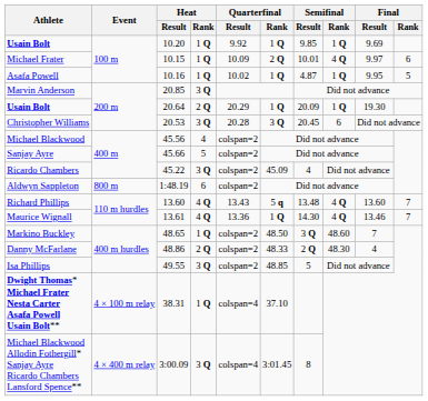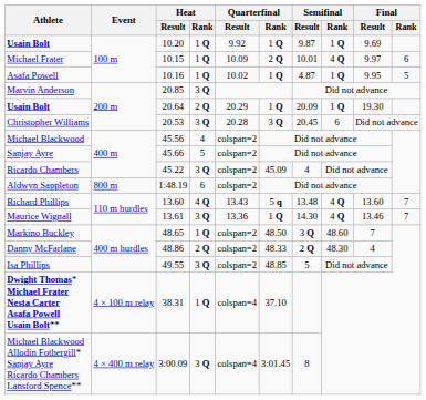 <table class=wikitable style="text-align:center; font-size:90%">
 <tr>
 <th rowspan="2">Athlete</th>
 <th rowspan="2">Event</th>
 <th colspan="2">Heat</th>
 <th colspan="2">Quarterfinal</th>
 <th colspan="2">Semifinal</th>
 <th colspan="2">Final</th>
 </tr>
 <tr style="font-size:95%">
 <th>Result</th>
 <th>Rank</th>
 <th>Result</th>
 <th>Rank</th>
 <th>Result</th>
 <th>Rank</th>
 <th>Result</th>
 <th>Rank</th>
 </tr>
 <tr align=center>
 <td align=left><strong><a href='#'>Usain Bolt</a></strong></td>
 <td align=left rowspan=3><a href='#'>100 m</a></td>
 <td>10.20</td>
 <td>1 <strong>Q</strong></td>
 <td>9.92</td>
 <td>1 <strong>Q</strong></td>
-<td>9.85</td>
+<td>9.87</td>
 <td>1 <strong>Q</strong></td>
 <td>9.69 </td>
 <td></td>
 </tr>
 <tr align=center>
 <td align=left><a href='#'>Michael Frater</a></td>
 <td>10.15</td>
 <td>1 <strong>Q</strong></td>
 <td>10.09</td>
 <td>2 <strong>Q</strong></td>
 <td>10.01</td>
 <td>4 <strong>Q</strong></td>
 <td>9.97</td>
 <td>6</td>
 </tr>
 <tr align=center>
 <td align=left><a href='#'>Asafa Powell</a></td>
 <td>10.16</td>
 <td>1 <strong>Q</strong></td>
 <td>10.02</td>
 <td>1 <strong>Q</strong></td>
 <td>4.87</td>
 <td>1 <strong>Q</strong></td>
 <td>9.95</td>
 <td>5</td>
 </tr>
 <tr align=center>
 <td align=left><a href='#'>Marvin Anderson</a></td>
 <td align=left rowspan=3><a href='#'>200 m</a></td>
 <td>20.85</td>
 <td>3 <strong>Q</strong></td>
 <td colspan="2"></td>
 <td colspan="4">Did not advance</td>
 </tr>
 <tr align=center>
 <td align=left><strong><a href='#'>Usain Bolt</a></strong></td>
 <td>20.64</td>
 <td>2 <strong>Q</strong></td>
 <td>20.29</td>
 <td>1 <strong>Q</strong></td>
 <td>20.09</td>
 <td>1 <strong>Q</strong></td>
 <td>19.30 </td>
 <td></td>
 </tr>
 <tr align=center>
 <td align=left><a href='#'>Christopher Williams</a></td>
 <td>20.53</td>
 <td>3 <strong>Q</strong></td>
 <td>20.28</td>
 <td>3 <strong>Q</strong></td>
 <td>20.45</td>
 <td>6</td>
 <td colspan="2">Did not advance</td>
 </tr>
 <tr align=center>
 <td align=left><a href='#'>Michael Blackwood</a></td>
 <td align=left rowspan=3><a href='#'>400 m</a></td>
 <td>45.56</td>
 <td>4</td>
 <td>colspan=2 </td>
 <td colspan=4>Did not advance</td>
 </tr>
 <tr align=center>
 <td align=left><a href='#'>Sanjay Ayre</a></td>
 <td>45.66</td>
 <td>5</td>
 <td>colspan=2 </td>
 <td colspan="4">Did not advance</td>
 </tr>
 <tr align=center>
 <td align=left><a href='#'>Ricardo Chambers</a></td>
 <td>45.22</td>
 <td>3 <strong>Q</strong></td>
 <td>colspan=2 </td>
 <td>45.09</td>
 <td>4</td>
 <td colspan="2">Did not advance</td>
 </tr>
 <tr align=center>
 <td align=left><a href='#'>Aldwyn Sappleton</a></td>
 <td align=left><a href='#'>800 m</a></td>
 <td>1:48.19</td>
 <td>6</td>
 <td>colspan=2 </td>
 <td colspan=4>Did not advance</td>
 </tr>
 <tr align=center>
 <td align=left><a href='#'>Richard Phillips</a></td>
 <td align=left rowspan=2><a href='#'>110 m hurdles</a></td>
 <td>13.60</td>
 <td>4 <strong>Q</strong></td>
 <td>13.43</td>
 <td>5 <strong>q</strong></td>
 <td>13.48</td>
 <td>4 <strong>Q</strong></td>
 <td>13.60</td>
 <td>7</td>
 </tr>
 <tr align=center>
 <td align=left><a href='#'>Maurice Wignall</a></td>
 <td>13.61</td>
-<td>4 <strong>Q</strong></td>
+<td>3 <strong>Q</strong></td>
 <td>13.36</td>
 <td>1 <strong>Q</strong></td>
 <td>14.30</td>
 <td>4 <strong>Q</strong></td>
 <td>13.46</td>
 <td>7</td>
 </tr>
 <tr align=center>
 <td align=left><a href='#'>Markino Buckley</a></td>
 <td align=left rowspan=3><a href='#'>400 m hurdles</a></td>
 <td>48.65</td>
 <td>1 <strong>Q</strong></td>
 <td>colspan=2 </td>
 <td>48.50</td>
 <td>3 <strong>Q</strong></td>
 <td>48.60</td>
 <td>7</td>
 </tr>
 <tr align=center>
 <td align=left><a href='#'>Danny McFarlane</a></td>
 <td>48.86</td>
 <td>2 <strong>Q</strong></td>
 <td>colspan=2 </td>
 <td>48.33</td>
 <td>2 <strong>Q</strong></td>
 <td>48.30</td>
 <td>4</td>
 </tr>
 <tr align=center>
 <td align=left><a href='#'>Isa Phillips</a></td>
 <td>49.55</td>
 <td>3 <strong>Q</strong></td>
 <td>colspan=2 </td>
 <td>48.85</td>
 <td>5</td>
 <td colspan="2">Did not advance</td>
 </tr>
 <tr>
 <td align=left><strong><a href='#'>Dwight Thomas</a></strong>*<br><strong><a href='#'>Michael Frater</a></strong><br><strong><a href='#'>Nesta Carter</a></strong><br><strong><a href='#'>Asafa Powell</a></strong><br><strong><a href='#'>Usain Bolt</a></strong>**</td>
 <td align=left><a href='#'>4 × 100 m relay</a></td>
 <td>38.31</td>
 <td>1 <strong>Q</strong></td>
 <td>colspan=4 </td>
 <td>37.10 </td>
 <td></td>
 </tr>
 <tr>
 <td align=left><a href='#'>Michael Blackwood</a><br><a href='#'>Allodin Fothergill</a>*<br><a href='#'>Sanjay Ayre</a><br><a href='#'>Ricardo Chambers</a><br><a href='#'>Lansford Spence</a>**</td>
 <td align=left><a href='#'>4 × 400 m relay</a></td>
 <td>3:00.09</td>
 <td>3 <strong>Q</strong></td>
 <td>colspan=4 </td>
 <td>3:01.45</td>
 <td>8</td>
 </tr>
 </table>
